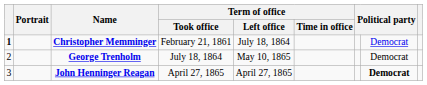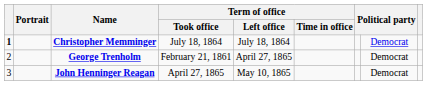 <table class="wikitable" style="text-align:center;">
 <tr>
 <th rowspan=2></th>
 <th rowspan=2>Portrait</th>
 <th rowspan=2>Name<br></th>
 <th colspan=3>Term of office</th>
 <th colspan=2 rowspan=2>Political party</th>
 <th rowspan=2></th>
 </tr>
 <tr>
 <th>Took office</th>
 <th>Left office</th>
 <th>Time in office</th>
 </tr>
 <tr>
 <td><strong>1</strong></td>
 <td></td>
 <td><strong><a href='#'>Christopher Memminger</a></strong><br></td>
-<td>February 21, 1861</td>
+<td>July 18, 1864</td>
 <td>July 18, 1864</td>
 <td></td>
 <td style="background-color: "></td>
 <td><a href='#'>Democrat</a></td>
 <td></td>
 </tr>
 <tr>
 <td>2</td>
 <td></td>
 <td><strong><a href='#'>George Trenholm</a></strong><br></td>
-<td>July 18, 1864</td>
-<td>May 10, 1865</td>
+<td>February 21, 1861</td>
+<td>April 27, 1865</td>
 <td></td>
 <td style="background-color: "></td>
 <td>Democrat</td>
 <td></td>
 </tr>
 <tr>
 <td>3</td>
 <td></td>
 <td><strong><a href='#'>John Henninger Reagan</a></strong><br></td>
 <td>April 27, 1865</td>
-<td>April 27, 1865</td>
+<td>May 10, 1865</td>
 <td></td>
 <td style="background-color: "></td>
-<td><strong>Democrat</strong></td>
+<td>Democrat</td>
 <td></td>
 </tr>
 </table>
